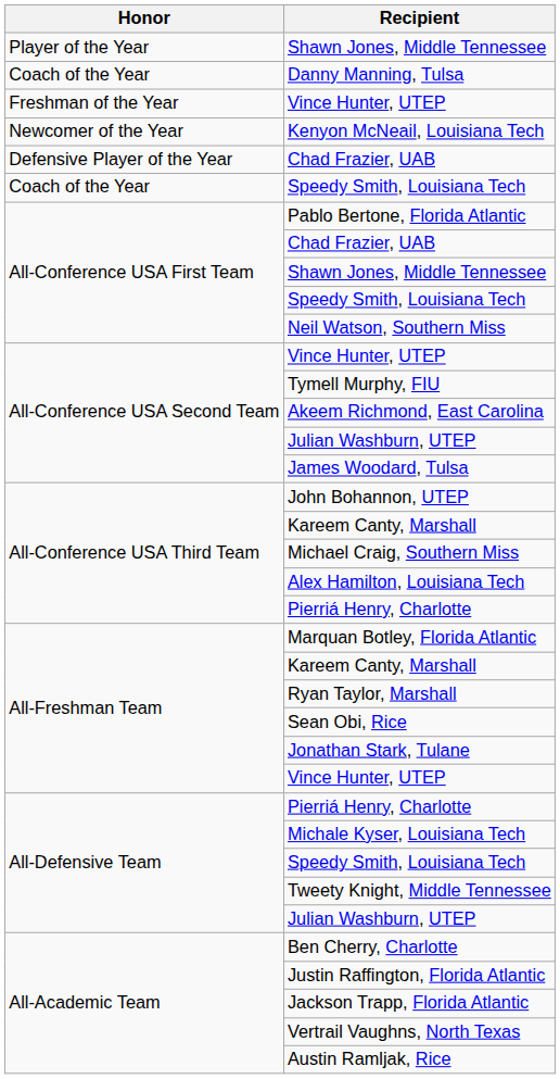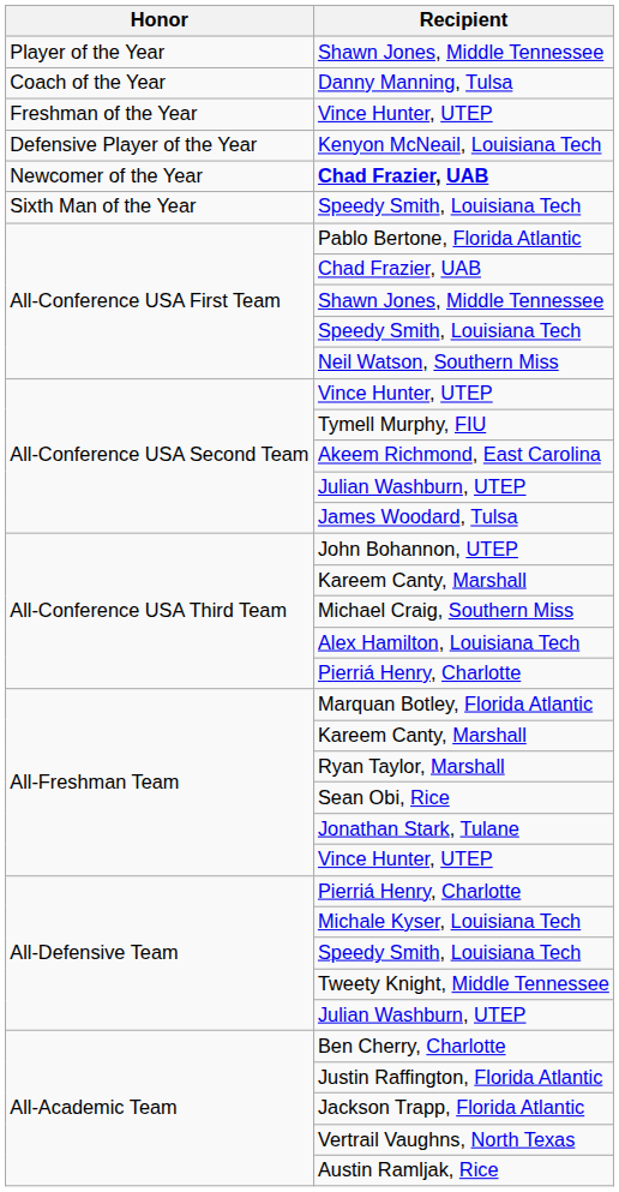 <table class="wikitable">
 <tr>
 <th>Honor</th>
 <th>Recipient</th>
 </tr>
 <tr>
 <td>Player of the Year</td>
 <td><a href='#'>Shawn Jones</a>, <a href='#'>Middle Tennessee</a></td>
 </tr>
 <tr>
 <td>Coach of the Year</td>
 <td><a href='#'>Danny Manning</a>, <a href='#'>Tulsa</a></td>
 </tr>
 <tr>
 <td>Freshman of the Year</td>
 <td><a href='#'>Vince Hunter</a>, <a href='#'>UTEP</a></td>
 </tr>
 <tr>
-<td>Newcomer of the Year</td>
+<td>Defensive Player of the Year</td>
 <td><a href='#'>Kenyon McNeail</a>, <a href='#'>Louisiana Tech</a></td>
 </tr>
 <tr>
-<td>Defensive Player of the Year</td>
-<td><a href='#'>Chad Frazier</a>, <a href='#'>UAB</a></td>
+<td>Newcomer of the Year</td>
+<td><strong><a href='#'>Chad Frazier</a>, <a href='#'>UAB</a></strong></td>
 </tr>
 <tr>
-<td>Coach of the Year</td>
+<td>Sixth Man of the Year</td>
 <td><a href='#'>Speedy Smith</a>, <a href='#'>Louisiana Tech</a></td>
 </tr>
 <tr>
 <td rowspan="5" style="vertical-align:middle;">All-Conference USA First Team</td>
 <td>Pablo Bertone, <a href='#'>Florida Atlantic</a></td>
 </tr>
 <tr>
 <td><a href='#'>Chad Frazier</a>, <a href='#'>UAB</a></td>
 </tr>
 <tr>
 <td><a href='#'>Shawn Jones</a>, <a href='#'>Middle Tennessee</a></td>
 </tr>
 <tr>
 <td><a href='#'>Speedy Smith</a>, <a href='#'>Louisiana Tech</a></td>
 </tr>
 <tr>
 <td><a href='#'>Neil Watson</a>, <a href='#'>Southern Miss</a></td>
 </tr>
 <tr>
 <td rowspan="5" style="vertical-align:middle;">All-Conference USA Second Team</td>
 <td><a href='#'>Vince Hunter</a>, <a href='#'>UTEP</a></td>
 </tr>
 <tr>
 <td>Tymell Murphy, <a href='#'>FIU</a></td>
 </tr>
 <tr>
 <td><a href='#'>Akeem Richmond</a>, <a href='#'>East Carolina</a></td>
 </tr>
 <tr>
 <td><a href='#'>Julian Washburn</a>, <a href='#'>UTEP</a></td>
 </tr>
 <tr>
 <td><a href='#'>James Woodard</a>, <a href='#'>Tulsa</a></td>
 </tr>
 <tr>
 <td rowspan="5" style="vertical-align:middle;">All-Conference USA Third Team</td>
 <td>John Bohannon, <a href='#'>UTEP</a></td>
 </tr>
 <tr>
 <td>Kareem Canty, <a href='#'>Marshall</a></td>
 </tr>
 <tr>
 <td>Michael Craig, <a href='#'>Southern Miss</a></td>
 </tr>
 <tr>
 <td><a href='#'>Alex Hamilton</a>, <a href='#'>Louisiana Tech</a></td>
 </tr>
 <tr>
 <td><a href='#'>Pierriá Henry</a>, <a href='#'>Charlotte</a></td>
 </tr>
 <tr>
 <td rowspan="6" style="vertical-align:middle;">All-Freshman Team</td>
 <td>Marquan Botley, <a href='#'>Florida Atlantic</a></td>
 </tr>
 <tr>
 <td>Kareem Canty, <a href='#'>Marshall</a></td>
 </tr>
 <tr>
 <td>Ryan Taylor, <a href='#'>Marshall</a></td>
 </tr>
 <tr>
 <td>Sean Obi, <a href='#'>Rice</a></td>
 </tr>
 <tr>
 <td><a href='#'>Jonathan Stark</a>, <a href='#'>Tulane</a></td>
 </tr>
 <tr>
 <td><a href='#'>Vince Hunter</a>, <a href='#'>UTEP</a></td>
 </tr>
 <tr>
 <td rowspan="5" style="vertical-align:middle;">All-Defensive Team</td>
 <td><a href='#'>Pierriá Henry</a>, <a href='#'>Charlotte</a></td>
 </tr>
 <tr>
 <td><a href='#'>Michale Kyser</a>, <a href='#'>Louisiana Tech</a></td>
 </tr>
 <tr>
 <td><a href='#'>Speedy Smith</a>, <a href='#'>Louisiana Tech</a></td>
 </tr>
 <tr>
 <td>Tweety Knight, <a href='#'>Middle Tennessee</a></td>
 </tr>
 <tr>
 <td><a href='#'>Julian Washburn</a>, <a href='#'>UTEP</a></td>
 </tr>
 <tr>
 <td rowspan="5" style="vertical-align:middle;">All-Academic Team</td>
 <td>Ben Cherry, <a href='#'>Charlotte</a></td>
 </tr>
 <tr>
 <td>Justin Raffington, <a href='#'>Florida Atlantic</a></td>
 </tr>
 <tr>
 <td>Jackson Trapp, <a href='#'>Florida Atlantic</a></td>
 </tr>
 <tr>
 <td>Vertrail Vaughns, <a href='#'>North Texas</a></td>
 </tr>
 <tr>
 <td>Austin Ramljak, <a href='#'>Rice</a></td>
 </tr>
 </table>
